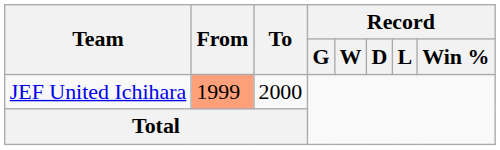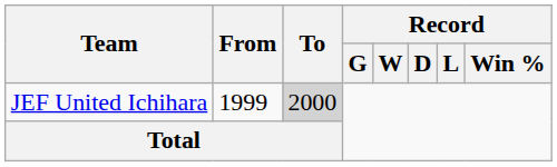 <table class="wikitable" style="text-align: center">
 <tr>
 <th rowspan="2">Team</th>
 <th rowspan="2">From</th>
 <th rowspan="2">To</th>
 <th colspan="5">Record</th>
 </tr>
 <tr>
 <th>G</th>
 <th>W</th>
 <th>D</th>
 <th>L</th>
 <th>Win %</th>
 </tr>
 <tr>
 <td align="left"><a href='#'>JEF United Ichihara</a></td>
-<td align="left" style="background: lightsalmon;">1999</td>
-<td align="left">2000<br></td>
+<td align="left">1999</td>
+<td align="left" style="background: lightgrey;">2000<br></td>
 </tr>
 <tr>
 <th colspan="3">Total<br></th>
 </tr>
 </table>
